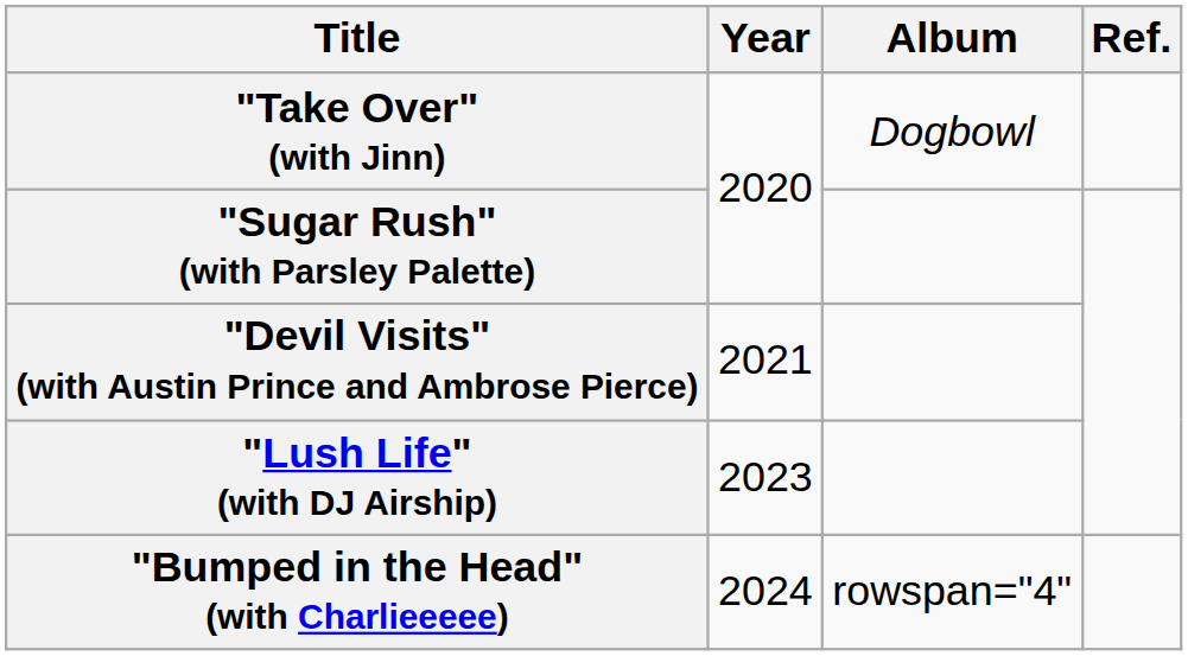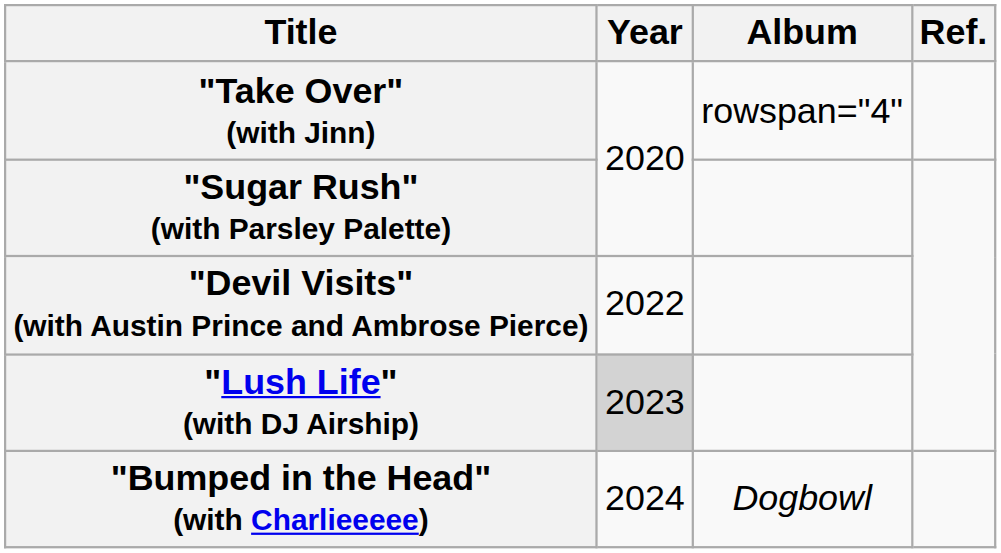 <table class="wikitable plainrowheaders" style="text-align:center;">
 <tr>
 <th scope="col">Title</th>
 <th scope="col">Year</th>
 <th scope="col">Album</th>
 <th>Ref.</th>
 </tr>
 <tr>
 <th scope="row">"Take Over"<br><small>(with Jinn)</small></th>
 <td rowspan="2">2020</td>
-<td><em>Dogbowl</em></td>
+<td>rowspan="4" </td>
 <td></td>
 </tr>
 <tr>
 <th scope="row">"Sugar Rush"<br><small>(with Parsley Palette)</small></th>
 <td></td>
 </tr>
 <tr>
 <th scope="row">"Devil Visits"<br><small>(with Austin Prince and Ambrose Pierce)</small></th>
-<td>2021</td>
+<td>2022</td>
 <td></td>
 </tr>
 <tr>
 <th scope="row">"<a href='#'>Lush Life</a>"<br><small>(with DJ Airship)</small></th>
-<td>2023</td>
+<td style="background: lightgrey;">2023</td>
 <td></td>
 </tr>
 <tr>
 <th scope="row">"Bumped in the Head"<br><small>(with <a href='#'>Charlieeeee</a>)</small></th>
 <td>2024</td>
-<td>rowspan="4" </td>
+<td><em>Dogbowl</em></td>
 <td></td>
 </tr>
 </table>
